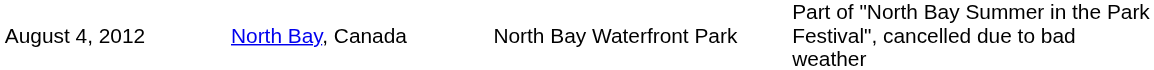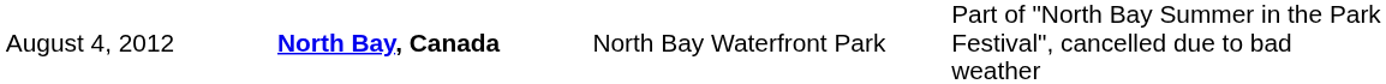 <table cellpadding="2" style="border: 0px solid darkgray; font-size:90%">
 <tr>
 <th width="150"></th>
 <th width="175"></th>
 <th width="200"></th>
 <th width="250"></th>
 </tr>
 <tr border="0">
 <td>August 4, 2012</td>
-<td><a href='#'>North Bay</a>, Canada</td>
+<td><strong><a href='#'>North Bay</a>, Canada</strong></td>
 <td>North Bay Waterfront Park</td>
 <td>Part of "North Bay Summer in the Park Festival", cancelled due to bad weather</td>
 </tr>
 <tr>
 </tr>
 </table>
